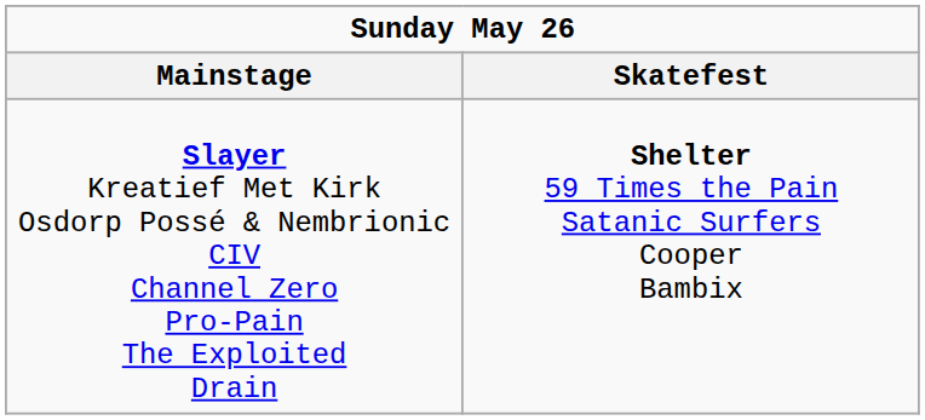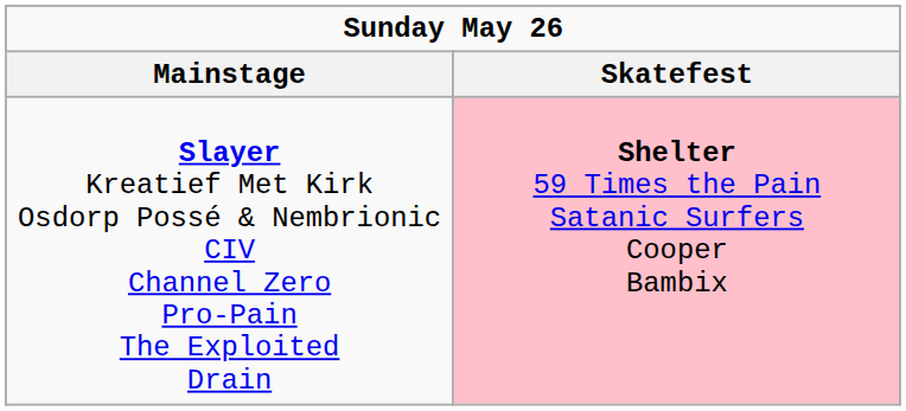 <table class="wikitable">
 <tr>
 <td colspan="3" align="center"><strong>Sunday May 26</strong></td>
 </tr>
 <tr>
 <th>Mainstage</th>
 <th>Skatefest</th>
 </tr>
 <tr>
 <td valign="top" align="center" width=200><br><strong><a href='#'>Slayer</a></strong> <br>Kreatief Met Kirk <br>Osdorp Possé & Nembrionic <br><a href='#'>CIV</a> <br><a href='#'>Channel Zero</a> <br><a href='#'>Pro-Pain</a> <br><a href='#'>The Exploited</a> <br><a href='#'>Drain</a></td>
-<td valign="top" align="center" width=200><br><strong>Shelter</strong> <br><a href='#'>59 Times the Pain</a> <br><a href='#'>Satanic Surfers</a> <br>Cooper <br>Bambix</td>
+<td valign="top" align="center" width=200 style="background: pink;"><br><strong>Shelter</strong> <br><a href='#'>59 Times the Pain</a> <br><a href='#'>Satanic Surfers</a> <br>Cooper <br>Bambix</td>
 </tr>
 </table>
